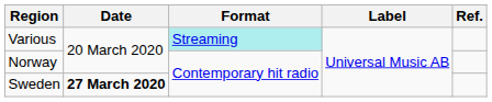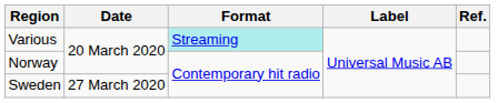 <table class=wikitable>
 <tr>
 <th>Region</th>
 <th>Date</th>
 <th>Format</th>
 <th>Label</th>
 <th><abbr>Ref.</abbr></th>
 </tr>
 <tr>
 <td>Various</td>
 <td rowspan="2">20 March 2020</td>
 <td style="background: paleturquoise;"><a href='#'>Streaming</a></td>
 <td rowspan="3"><a href='#'>Universal Music AB</a></td>
 <td></td>
 </tr>
 <tr>
 <td>Norway</td>
 <td rowspan="2"><a href='#'>Contemporary hit radio</a></td>
 <td></td>
 </tr>
 <tr>
 <td>Sweden</td>
-<td><strong>27 March 2020</strong></td>
+<td>27 March 2020</td>
 <td></td>
 </tr>
 </table>
